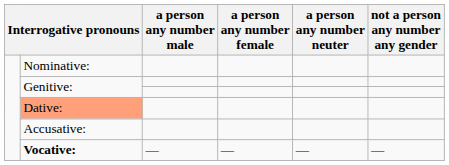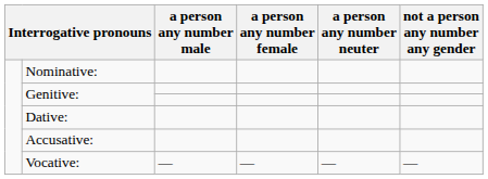 <table class="wikitable">
 <tr>
 <th colspan="2"><strong>Interrogative pronouns</strong></th>
 <th>a person <br> any number <br> male</th>
 <th>a person <br> any number <br> female</th>
 <th>a person <br> any number <br> neuter</th>
 <th>not a person <br> any number <br> any gender</th>
 </tr>
 <tr>
 <td rowspan="6" style="width:5en"> </td>
 <td>Nominative:</td>
 <td><em></em></td>
 <td><em></em></td>
 <td><em></em></td>
 <td><em></em></td>
 </tr>
 <tr>
 <td rowspan="2">Genitive:</td>
 <td><em></em></td>
 <td><em></em></td>
 <td><em></em></td>
 <td><em></em></td>
 </tr>
 <tr>
 <td><em></em></td>
 <td><em></em></td>
 <td><em></em></td>
 <td><em></em></td>
 </tr>
 <tr>
-<td style="background: lightsalmon;">Dative:</td>
+<td>Dative:</td>
 <td><em></em></td>
 <td><em></em></td>
 <td><em></em></td>
 <td><em></em></td>
 </tr>
 <tr>
 <td>Accusative:</td>
 <td><em></em></td>
 <td><em></em></td>
 <td><em></em></td>
 <td><em></em></td>
 </tr>
 <tr>
-<td><strong>Vocative:</strong></td>
+<td>Vocative:</td>
 <td>—</td>
 <td>—</td>
 <td>—</td>
 <td>—</td>
 </tr>
 </table>
